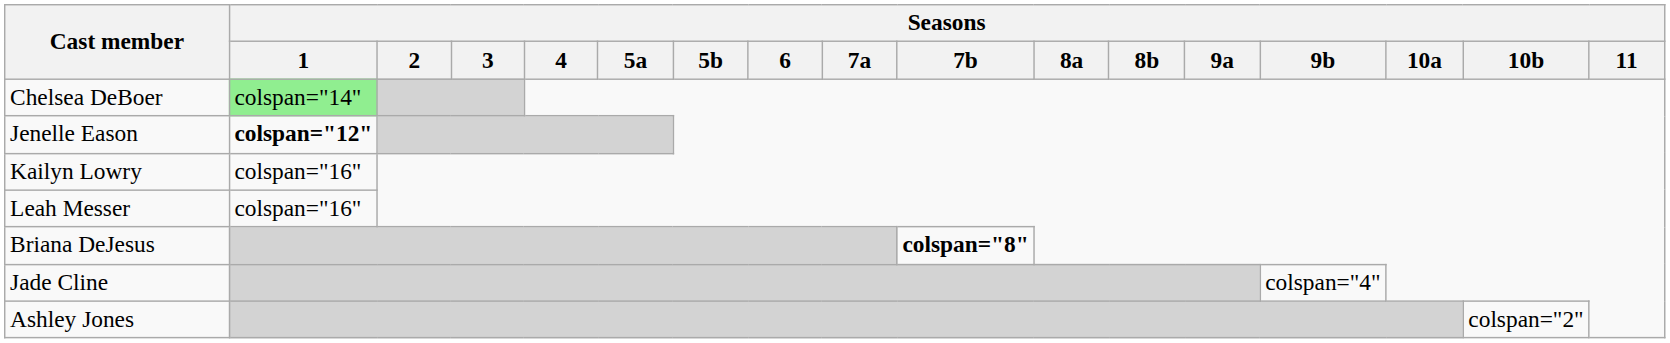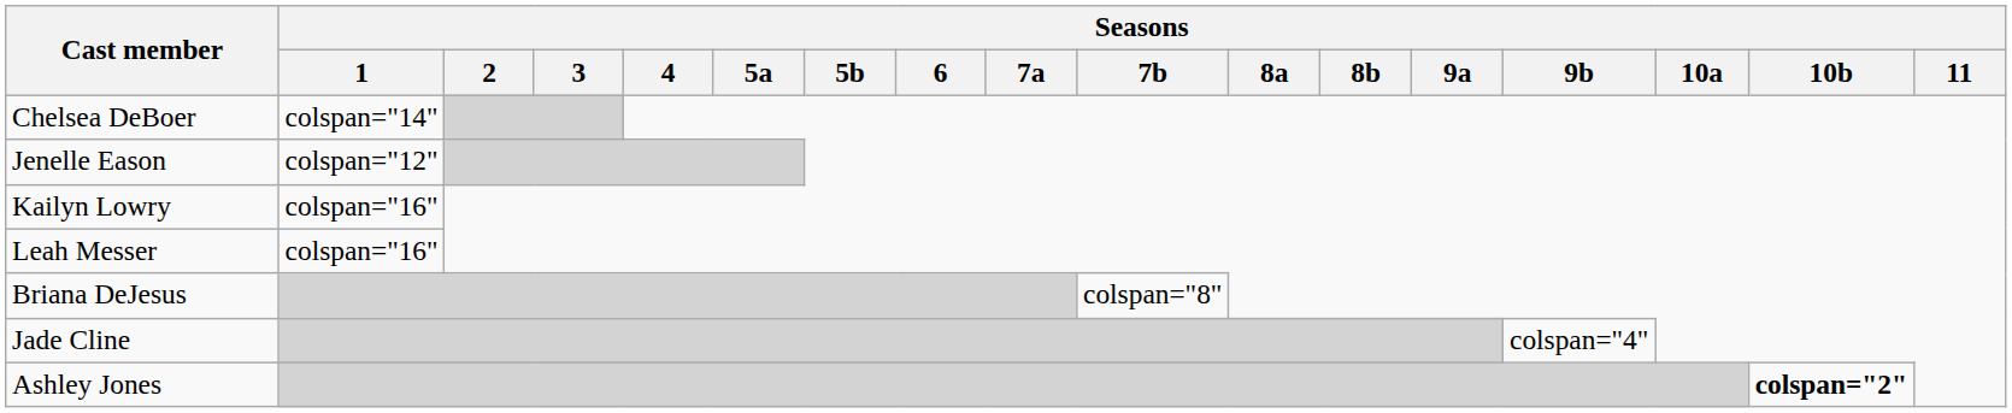 <table class="wikitable plainrowheaders" width="90%">
 <tr>
 <th scope="col" rowspan="2" style="width:15%;">Cast member</th>
 <th scope="col" colspan="16">Seasons</th>
 </tr>
 <tr>
 <th scope="col" style="width:5%;">1</th>
 <th scope="col" style="width:5%;">2</th>
 <th scope="col" style="width:5%;">3</th>
 <th scope="col" style="width:5%;">4</th>
 <th scope="col" style="width:5%;">5a</th>
 <th scope="col" style="width:5%;">5b</th>
 <th scope="col" style="width:5%;">6</th>
 <th scope="col" style="width:5%;">7a</th>
 <th scope="col" style="width:5%;">7b</th>
 <th scope="col" style="width:5%;">8a</th>
 <th scope="col" style="width:5%;">8b</th>
 <th scope="col" style="width:5%;">9a</th>
 <th scope="col" style="width:5%;">9b</th>
 <th scope="col" style="width:5%;">10a</th>
 <th scope="col" style="width:5%;">10b</th>
 <th scope="col" style="width:5%;">11</th>
 </tr>
 <tr>
 <td scope="row">Chelsea DeBoer</td>
-<td style="background: lightgreen;">colspan="14" </td>
+<td>colspan="14" </td>
 <td colspan="2" style="background: #D3D3D3"></td>
 </tr>
 <tr>
 <td scope="row">Jenelle Eason</td>
-<td><strong>colspan="12" </strong></td>
+<td>colspan="12" </td>
 <td colspan="4" style="background: #D3D3D3"></td>
 </tr>
 <tr>
 <td scope="row">Kailyn Lowry</td>
 <td>colspan="16" </td>
 </tr>
 <tr>
 <td scope="row">Leah Messer</td>
 <td>colspan="16"</td>
 </tr>
 <tr>
 <td scope="row">Briana DeJesus</td>
 <td colspan="8" style="background: #D3D3D3"></td>
-<td><strong>colspan="8" </strong></td>
+<td>colspan="8" </td>
 </tr>
 <tr>
 <td scope="row">Jade Cline</td>
 <td colspan="12" style="background: #D3D3D3"></td>
 <td>colspan="4" </td>
 </tr>
 <tr>
 <td scope="row">Ashley Jones</td>
 <td colspan="14" style="background: #D3D3D3"></td>
-<td>colspan="2" </td>
+<td><strong>colspan="2" </strong></td>
 </tr>
 </table>
